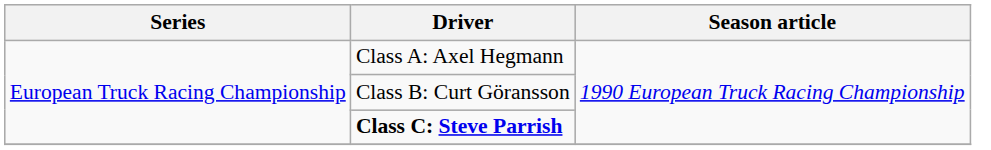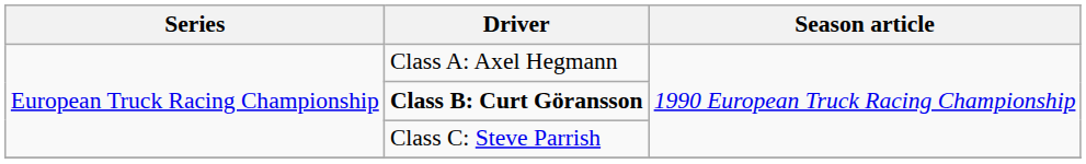 <table class="wikitable" style="font-size: 87%;">
 <tr>
 <th>Series</th>
 <th>Driver</th>
 <th>Season article</th>
 </tr>
 <tr>
 <td rowspan=3><a href='#'>European Truck Racing Championship</a></td>
 <td>Class A:  Axel Hegmann</td>
 <td rowspan=3><em><a href='#'>1990 European Truck Racing Championship</a></em></td>
 </tr>
 <tr>
-<td>Class B:  Curt Göransson</td>
+<td><strong>Class B:  Curt Göransson</strong></td>
 </tr>
 <tr>
-<td><strong>Class C:  <a href='#'>Steve Parrish</a></strong></td>
+<td>Class C:  <a href='#'>Steve Parrish</a></td>
 </tr>
 <tr>
 </tr>
 </table>
